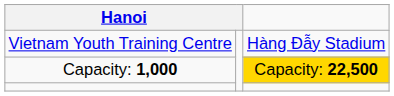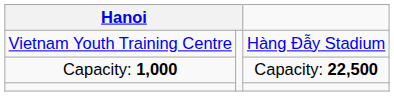 <table class="wikitable" style="margin:1em auto; text-align:center;">
 <tr>
 <th colspan=2><a href='#'>Hanoi</a></th>
 </tr>
 <tr>
 <td><a href='#'>Vietnam Youth Training Centre</a></td>
 <td rowspan=3></td>
 <td><a href='#'>Hàng Đẫy Stadium</a></td>
 </tr>
 <tr>
 <td>Capacity: <strong>1,000</strong></td>
-<td style="background: gold;">Capacity: <strong>22,500</strong></td>
+<td>Capacity: <strong>22,500</strong></td>
 </tr>
 <tr>
 <td></td>
 </tr>
 </table>
